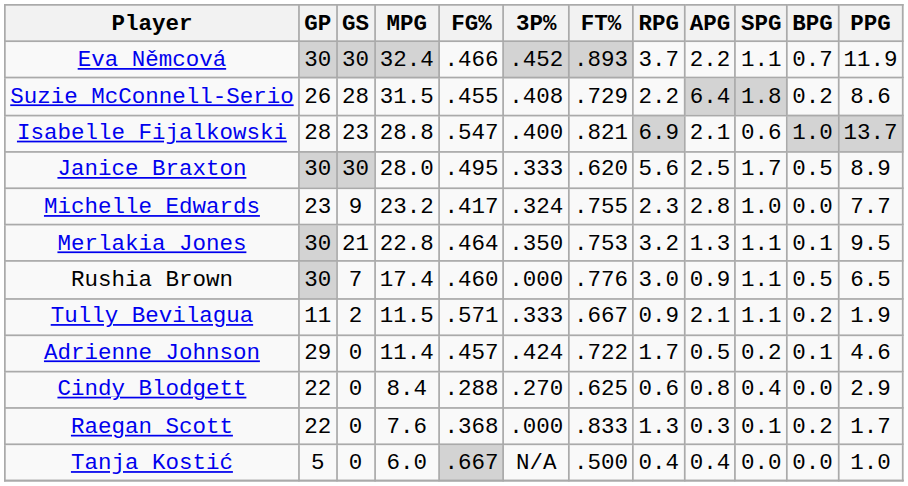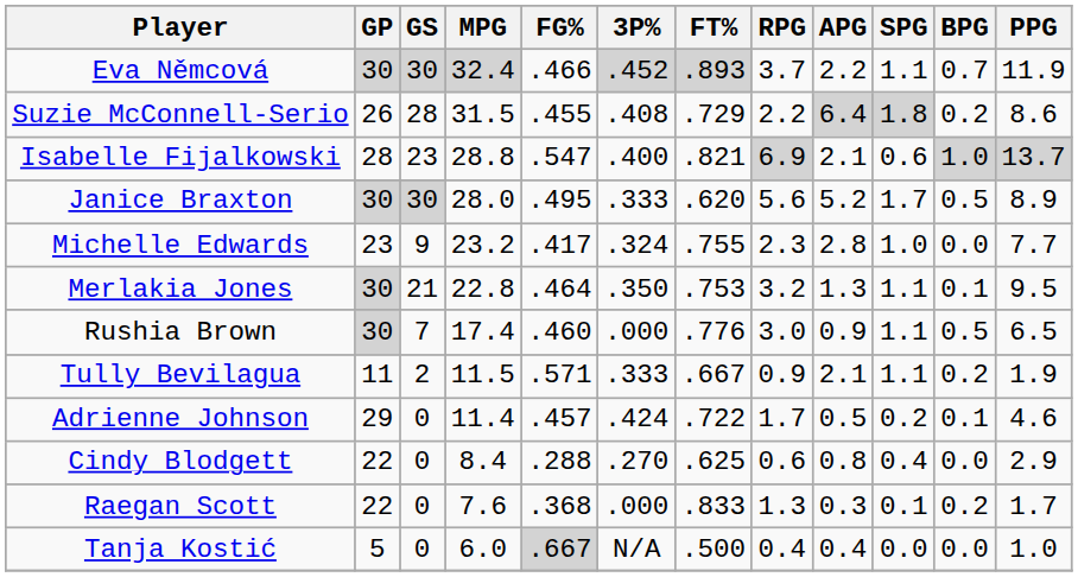 <table class="wikitable sortable" style="text-align:center;">
 <tr>
 <th>Player</th>
 <th>GP</th>
 <th>GS</th>
 <th>MPG</th>
 <th>FG%</th>
 <th>3P%</th>
 <th>FT%</th>
 <th>RPG</th>
 <th>APG</th>
 <th>SPG</th>
 <th>BPG</th>
 <th>PPG</th>
 </tr>
 <tr>
 <td><a href='#'>Eva Němcová</a></td>
 <td style="background:#D3D3D3;">30</td>
 <td style="background:#D3D3D3;">30</td>
 <td style="background:#D3D3D3;">32.4</td>
 <td>.466</td>
 <td style="background:#D3D3D3;">.452</td>
 <td style="background:#D3D3D3;">.893</td>
 <td>3.7</td>
 <td>2.2</td>
 <td>1.1</td>
 <td>0.7</td>
 <td>11.9</td>
 </tr>
 <tr>
 <td><a href='#'>Suzie McConnell-Serio</a></td>
 <td>26</td>
 <td>28</td>
 <td>31.5</td>
 <td>.455</td>
 <td>.408</td>
 <td>.729</td>
 <td>2.2</td>
 <td style="background:#D3D3D3;">6.4</td>
 <td style="background:#D3D3D3;">1.8</td>
 <td>0.2</td>
 <td>8.6</td>
 </tr>
 <tr>
 <td><a href='#'>Isabelle Fijalkowski</a></td>
 <td>28</td>
 <td>23</td>
 <td>28.8</td>
 <td>.547</td>
 <td>.400</td>
 <td>.821</td>
 <td style="background:#D3D3D3;">6.9</td>
 <td>2.1</td>
 <td>0.6</td>
 <td style="background:#D3D3D3;">1.0</td>
 <td style="background:#D3D3D3;">13.7</td>
 </tr>
 <tr>
 <td><a href='#'>Janice Braxton</a></td>
 <td style="background:#D3D3D3;">30</td>
 <td style="background:#D3D3D3;">30</td>
 <td>28.0</td>
 <td>.495</td>
 <td>.333</td>
 <td>.620</td>
 <td>5.6</td>
-<td>2.5</td>
+<td>5.2</td>
 <td>1.7</td>
 <td>0.5</td>
 <td>8.9</td>
 </tr>
 <tr>
 <td><a href='#'>Michelle Edwards</a></td>
 <td>23</td>
 <td>9</td>
 <td>23.2</td>
 <td>.417</td>
 <td>.324</td>
 <td>.755</td>
 <td>2.3</td>
 <td>2.8</td>
 <td>1.0</td>
 <td>0.0</td>
 <td>7.7</td>
 </tr>
 <tr>
 <td><a href='#'>Merlakia Jones</a></td>
 <td style="background:#D3D3D3;">30</td>
 <td>21</td>
 <td>22.8</td>
 <td>.464</td>
 <td>.350</td>
 <td>.753</td>
 <td>3.2</td>
 <td>1.3</td>
 <td>1.1</td>
 <td>0.1</td>
 <td>9.5</td>
 </tr>
 <tr>
 <td>Rushia Brown</td>
 <td style="background:#D3D3D3;">30</td>
 <td>7</td>
 <td>17.4</td>
 <td>.460</td>
 <td>.000</td>
 <td>.776</td>
 <td>3.0</td>
 <td>0.9</td>
 <td>1.1</td>
 <td>0.5</td>
 <td>6.5</td>
 </tr>
 <tr>
 <td><a href='#'>Tully Bevilagua</a></td>
 <td>11</td>
 <td>2</td>
 <td>11.5</td>
 <td>.571</td>
 <td>.333</td>
 <td>.667</td>
 <td>0.9</td>
 <td>2.1</td>
 <td>1.1</td>
 <td>0.2</td>
 <td>1.9</td>
 </tr>
 <tr>
 <td><a href='#'>Adrienne Johnson</a></td>
 <td>29</td>
 <td>0</td>
 <td>11.4</td>
 <td>.457</td>
 <td>.424</td>
 <td>.722</td>
 <td>1.7</td>
 <td>0.5</td>
 <td>0.2</td>
 <td>0.1</td>
 <td>4.6</td>
 </tr>
 <tr>
 <td><a href='#'>Cindy Blodgett</a></td>
 <td>22</td>
 <td>0</td>
 <td>8.4</td>
 <td>.288</td>
 <td>.270</td>
 <td>.625</td>
 <td>0.6</td>
 <td>0.8</td>
 <td>0.4</td>
 <td>0.0</td>
 <td>2.9</td>
 </tr>
 <tr>
 <td><a href='#'>Raegan Scott</a></td>
 <td>22</td>
 <td>0</td>
 <td>7.6</td>
 <td>.368</td>
 <td>.000</td>
 <td>.833</td>
 <td>1.3</td>
 <td>0.3</td>
 <td>0.1</td>
 <td>0.2</td>
 <td>1.7</td>
 </tr>
 <tr>
 <td><a href='#'>Tanja Kostić</a></td>
 <td>5</td>
 <td>0</td>
 <td>6.0</td>
 <td style="background:#D3D3D3;">.667</td>
 <td>N/A</td>
 <td>.500</td>
 <td>0.4</td>
 <td>0.4</td>
 <td>0.0</td>
 <td>0.0</td>
 <td>1.0</td>
 </tr>
 <tr>
 </tr>
 </table>
